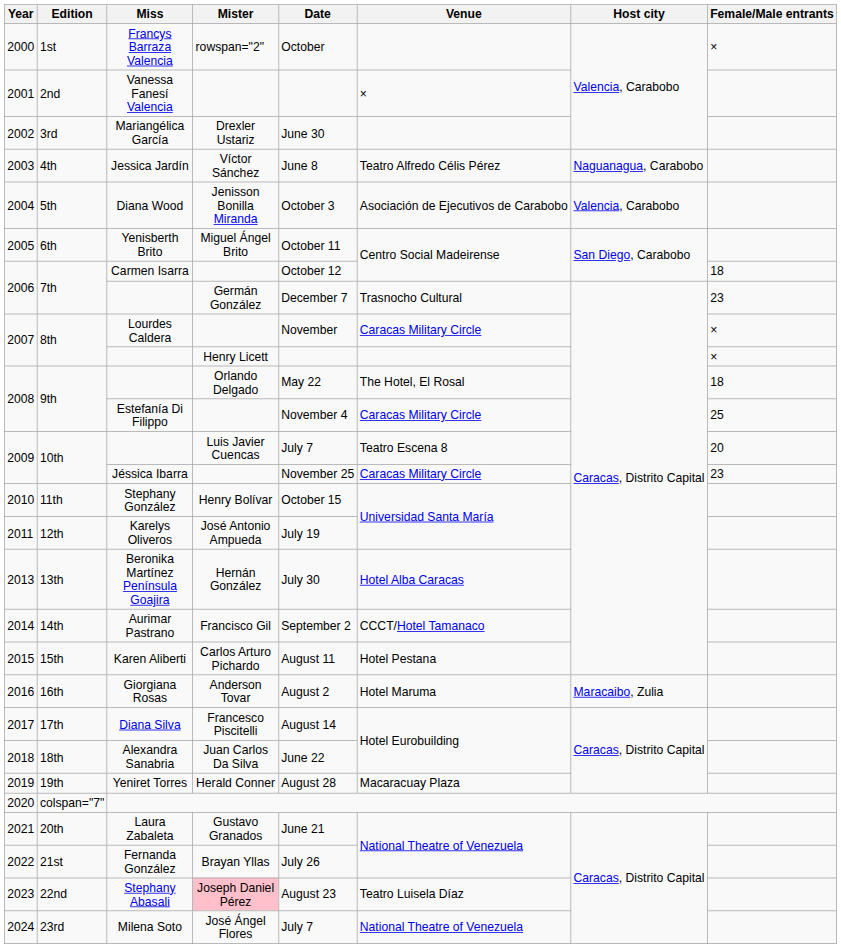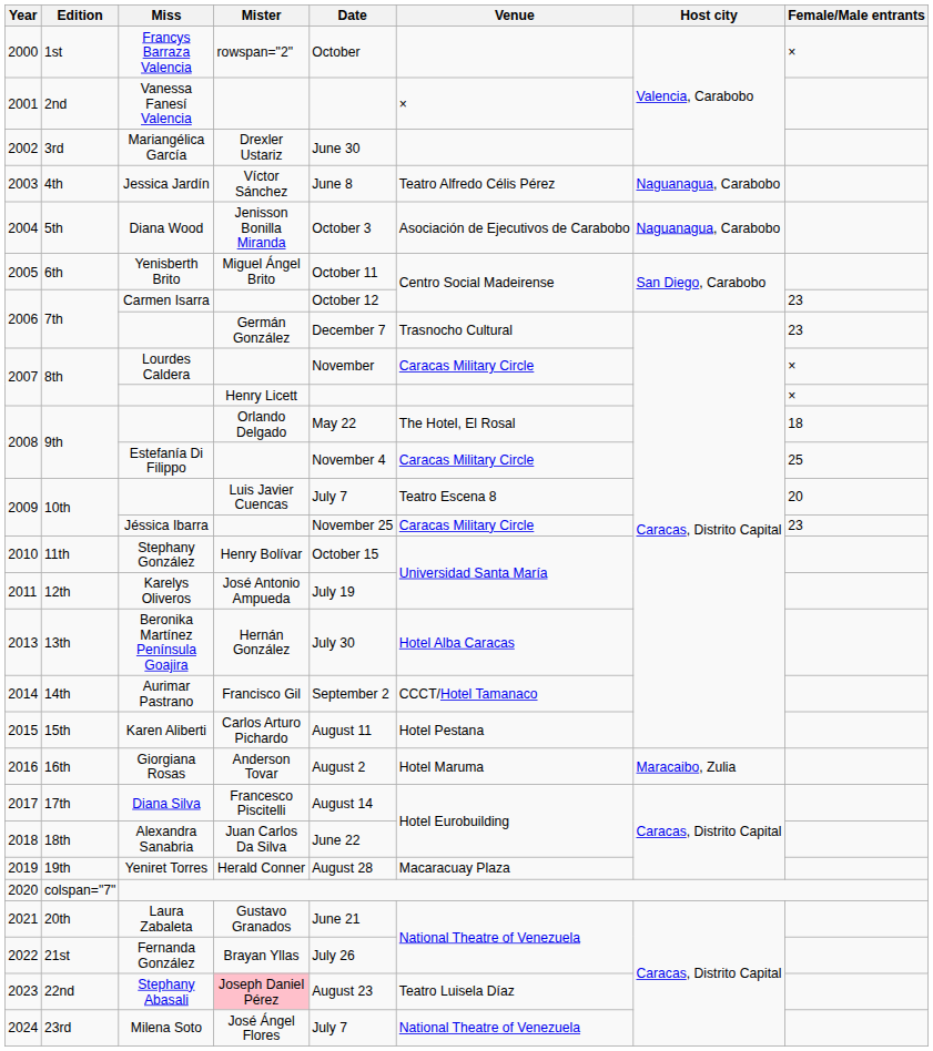 <table class="wikitable sortable" style="font-size: 95%;">
 <tr>
 <th>Year</th>
 <th>Edition</th>
 <th width="100">Miss</th>
 <th width="100">Mister</th>
 <th>Date</th>
 <th>Venue</th>
 <th>Host city</th>
 <th>Female/Male entrants</th>
 </tr>
 <tr>
 <td>2000</td>
 <td>1st</td>
 <td align="center"><a href='#'>Francys Barraza</a><br> <a href='#'>Valencia</a></td>
 <td>rowspan="2" </td>
 <td>October</td>
 <td></td>
 <td rowspan="3"><a href='#'>Valencia</a>, Carabobo</td>
 <td>×</td>
 </tr>
 <tr>
 <td>2001</td>
 <td>2nd</td>
 <td align="center">Vanessa Fanesí<br> <a href='#'>Valencia</a></td>
 <td></td>
 <td></td>
 <td>×</td>
 </tr>
 <tr>
 <td>2002</td>
 <td>3rd</td>
 <td align="center">Mariangélica García<br></td>
 <td align="center">Drexler Ustariz<br></td>
 <td>June 30</td>
 <td></td>
 <td></td>
 </tr>
 <tr>
 <td>2003</td>
 <td>4th</td>
 <td align="center">Jessica Jardín<br></td>
 <td align="center">Víctor Sánchez<br></td>
 <td>June 8</td>
 <td>Teatro Alfredo Célis Pérez</td>
 <td><a href='#'>Naguanagua</a>, Carabobo</td>
 <td></td>
 </tr>
 <tr>
 <td>2004</td>
 <td>5th</td>
 <td align="center">Diana Wood<br></td>
 <td align="center">Jenisson Bonilla<br> <a href='#'>Miranda</a></td>
 <td>October 3</td>
 <td>Asociación de Ejecutivos de Carabobo</td>
-<td><a href='#'>Valencia</a>, Carabobo</td>
+<td><a href='#'>Naguanagua</a>, Carabobo</td>
 <td></td>
 </tr>
 <tr>
 <td>2005</td>
 <td>6th</td>
 <td align="center">Yenisberth Brito<br></td>
 <td align="center">Miguel Ángel Brito<br></td>
 <td>October 11</td>
 <td rowspan="2">Centro Social Madeirense</td>
 <td rowspan="2"><a href='#'>San Diego</a>, Carabobo</td>
 <td></td>
 </tr>
 <tr>
 <td rowspan="2">2006</td>
 <td rowspan="2">7th</td>
 <td align="center">Carmen Isarra<br></td>
 <td></td>
 <td>October 12</td>
-<td>18</td>
+<td>23</td>
 </tr>
 <tr>
 <td></td>
 <td align="center">Germán González<br></td>
 <td>December 7</td>
 <td>Trasnocho Cultural</td>
 <td rowspan="12"><a href='#'>Caracas</a>, Distrito Capital</td>
 <td>23</td>
 </tr>
 <tr>
 <td rowspan="2">2007</td>
 <td rowspan="2">8th</td>
 <td align="center">Lourdes Caldera<br></td>
 <td></td>
 <td>November</td>
 <td><a href='#'>Caracas Military Circle</a></td>
 <td>×</td>
 </tr>
 <tr>
 <td></td>
 <td align="center">Henry Licett<br></td>
 <td></td>
 <td></td>
 <td>×</td>
 </tr>
 <tr>
 <td rowspan="2">2008</td>
 <td rowspan="2">9th</td>
 <td></td>
 <td align="center">Orlando Delgado<br></td>
 <td>May 22</td>
 <td>The Hotel, El Rosal</td>
 <td>18</td>
 </tr>
 <tr>
 <td align="center">Estefanía Di Filippo<br></td>
 <td></td>
 <td>November 4</td>
 <td><a href='#'>Caracas Military Circle</a></td>
 <td>25</td>
 </tr>
 <tr>
 <td rowspan="2">2009</td>
 <td rowspan="2">10th</td>
 <td></td>
 <td align="center">Luis Javier Cuencas<br></td>
 <td>July 7</td>
 <td>Teatro Escena 8</td>
 <td>20</td>
 </tr>
 <tr>
 <td align="center">Jéssica Ibarra<br></td>
 <td></td>
 <td>November 25</td>
 <td><a href='#'>Caracas Military Circle</a></td>
 <td>23</td>
 </tr>
 <tr>
 <td>2010</td>
 <td>11th</td>
 <td align="center">Stephany González<br></td>
 <td align="center">Henry Bolívar<br></td>
 <td>October 15</td>
 <td rowspan="2"><a href='#'>Universidad Santa María</a></td>
 <td></td>
 </tr>
 <tr>
 <td>2011</td>
 <td>12th</td>
 <td align="center">Karelys Oliveros<br></td>
 <td align="center">José Antonio Ampueda<br></td>
 <td>July 19</td>
 <td></td>
 </tr>
 <tr>
 <td>2013</td>
 <td>13th</td>
 <td align="center">Beronika Martínez<br> <a href='#'>Península Goajira</a></td>
 <td align="center">Hernán González<br></td>
 <td>July 30</td>
 <td><a href='#'>Hotel Alba Caracas</a></td>
 <td></td>
 </tr>
 <tr>
 <td>2014</td>
 <td>14th</td>
 <td align="center">Aurimar Pastrano<br></td>
 <td align="center">Francisco Gil<br></td>
 <td>September 2</td>
 <td>CCCT/<a href='#'>Hotel Tamanaco</a></td>
 <td></td>
 </tr>
 <tr>
 <td>2015</td>
 <td>15th</td>
 <td align="center">Karen Aliberti<br></td>
 <td align="center">Carlos Arturo Pichardo<br></td>
 <td>August 11</td>
 <td>Hotel Pestana</td>
 <td></td>
 </tr>
 <tr>
 <td>2016</td>
 <td>16th</td>
 <td align="center">Giorgiana Rosas<br></td>
 <td align="center">Anderson Tovar<br></td>
 <td>August 2</td>
 <td>Hotel Maruma</td>
 <td><a href='#'>Maracaibo</a>, Zulia</td>
 <td></td>
 </tr>
 <tr>
 <td>2017</td>
 <td>17th</td>
 <td align="center"><a href='#'>Diana Silva</a><br></td>
 <td align="center">Francesco Piscitelli<br></td>
 <td>August 14</td>
 <td rowspan="2">Hotel Eurobuilding</td>
 <td rowspan="3"><a href='#'>Caracas</a>, Distrito Capital</td>
 <td></td>
 </tr>
 <tr>
 <td>2018</td>
 <td>18th</td>
 <td align="center">Alexandra Sanabria<br></td>
 <td align="center">Juan Carlos Da Silva<br></td>
 <td>June 22</td>
 <td></td>
 </tr>
 <tr>
 <td>2019</td>
 <td>19th</td>
 <td align="center">Yeniret Torres<br></td>
 <td align="center">Herald Conner<br></td>
 <td>August 28</td>
 <td>Macaracuay Plaza</td>
 <td></td>
 </tr>
 <tr>
 <td>2020</td>
 <td>colspan="7" </td>
 </tr>
 <tr>
 <td>2021</td>
 <td>20th</td>
 <td align="center">Laura Zabaleta<br></td>
 <td align="center">Gustavo Granados<br></td>
 <td>June 21</td>
 <td rowspan="2"><a href='#'>National Theatre of Venezuela</a></td>
 <td rowspan="4"><a href='#'>Caracas</a>, Distrito Capital</td>
 <td></td>
 </tr>
 <tr>
 <td>2022</td>
 <td>21st</td>
 <td align="center">Fernanda González<br></td>
 <td align="center">Brayan Yllas<br></td>
 <td>July 26</td>
 <td></td>
 </tr>
 <tr>
 <td>2023</td>
 <td>22nd</td>
 <td align="center"><a href='#'>Stephany Abasali</a><br></td>
 <td align="center" style="background: pink;">Joseph Daniel Pérez<br></td>
 <td>August 23</td>
 <td>Teatro Luisela Díaz</td>
 <td></td>
 </tr>
 <tr>
 <td>2024</td>
 <td>23rd</td>
 <td align="center">Milena Soto<br></td>
 <td align="center">José Ángel Flores<br></td>
 <td>July 7</td>
 <td><a href='#'>National Theatre of Venezuela</a></td>
 <td></td>
 </tr>
 </table>
